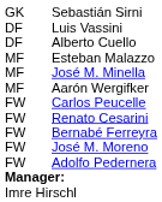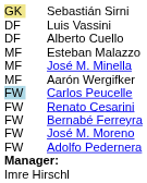 <table style="font-size:90%" cellspacing="0" cellpadding="0">
 <tr>
 <td colspan="4"></td>
 </tr>
 <tr>
 <th width=25></th>
 <th width=25></th>
 </tr>
 <tr>
-<td>GK</td>
+<td style="background: khaki;">GK</td>
 <td></td>
 <td> Sebastián Sirni</td>
 </tr>
 <tr>
 <td>DF</td>
 <td></td>
 <td> Luis Vassini</td>
 </tr>
 <tr>
 <td>DF</td>
 <td></td>
 <td> Alberto Cuello</td>
 </tr>
 <tr>
 <td>MF</td>
 <td></td>
 <td> Esteban Malazzo</td>
 </tr>
 <tr>
 <td>MF</td>
 <td></td>
 <td> <a href='#'>José M. Minella</a></td>
 </tr>
 <tr>
 <td>MF</td>
 <td></td>
 <td> Aarón Wergifker</td>
 </tr>
 <tr>
-<td>FW</td>
+<td style="background: lightblue;">FW</td>
 <td></td>
 <td> <a href='#'>Carlos Peucelle</a></td>
 </tr>
 <tr>
 <td>FW</td>
 <td></td>
 <td> <a href='#'>Renato Cesarini</a></td>
 </tr>
 <tr>
 <td>FW</td>
 <td></td>
 <td> <a href='#'>Bernabé Ferreyra</a></td>
 </tr>
 <tr>
 <td>FW</td>
 <td></td>
 <td> <a href='#'>José M. Moreno</a></td>
 </tr>
 <tr>
 <td>FW</td>
 <td></td>
 <td> <a href='#'>Adolfo Pedernera</a></td>
 </tr>
 <tr>
 <td colspan=3><strong>Manager:</strong></td>
 </tr>
 <tr>
 <td colspan=4> Imre Hirschl</td>
 </tr>
 </table>
